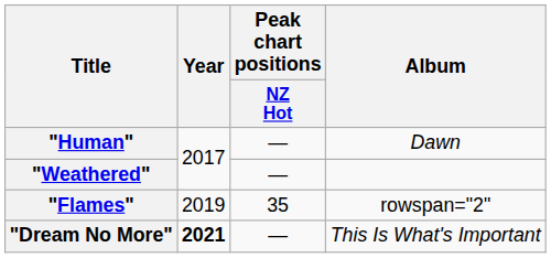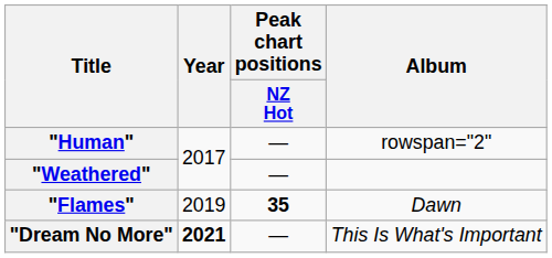 <table class="wikitable plainrowheaders" style=text-align:center;>
 <tr>
 <th scope="col" rowspan="2">Title</th>
 <th scope="col" rowspan="2">Year</th>
 <th scope="col" colspan="1">Peak chart positions</th>
 <th scope="col" rowspan="2">Album</th>
 </tr>
 <tr>
 <th scope="col" style="width:3em;font-size:90%;"><a href='#'>NZ<br>Hot</a><br></th>
 </tr>
 <tr>
 <th scope="row">"<a href='#'>Human</a>"<br></th>
 <td rowspan="2">2017</td>
 <td>—</td>
-<td><em>Dawn</em></td>
+<td>rowspan="2" </td>
 </tr>
 <tr>
 <th scope="row">"<a href='#'>Weathered</a>"<br></th>
 <td>—</td>
 </tr>
 <tr>
 <th scope="row">"<a href='#'>Flames</a>"<br></th>
 <td>2019</td>
-<td>35</td>
-<td>rowspan="2" </td>
+<td><strong>35</strong></td>
+<td><em>Dawn</em></td>
 </tr>
 <tr>
 <th scope="row">"Dream No More"<br></th>
 <td><strong>2021</strong></td>
 <td>—</td>
 <td><em>This Is What's Important</em></td>
 </tr>
 </table>
